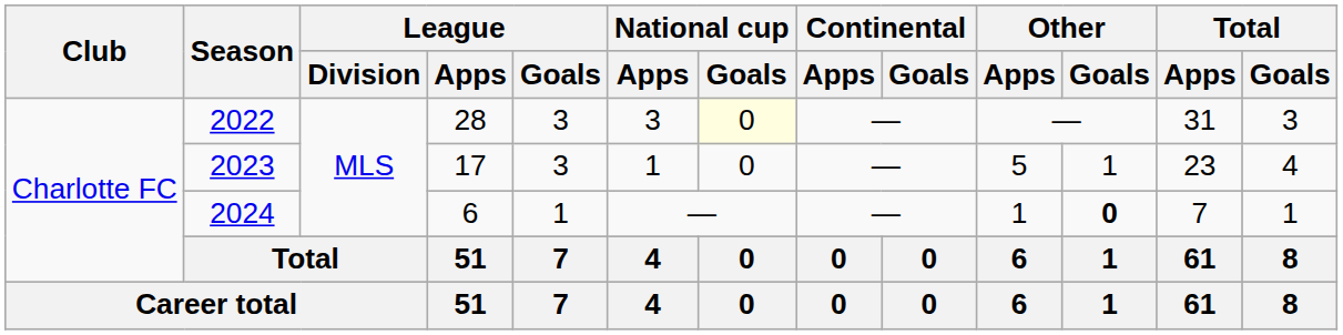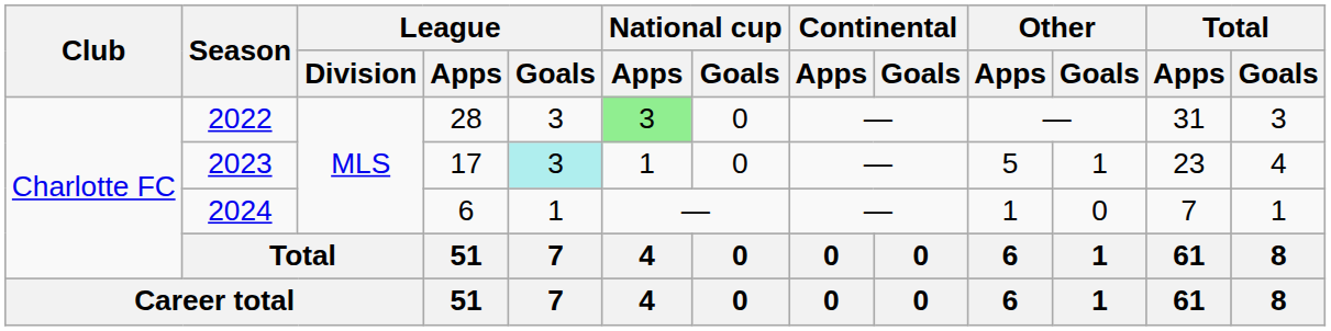 <table class="wikitable" style="text-align:center">
 <tr>
 <th rowspan="2">Club</th>
 <th rowspan="2">Season</th>
 <th colspan="3">League</th>
 <th colspan="2">National cup</th>
 <th colspan="2">Continental</th>
 <th colspan="2">Other</th>
 <th colspan="2">Total</th>
 </tr>
 <tr>
 <th>Division</th>
 <th>Apps</th>
 <th>Goals</th>
 <th>Apps</th>
 <th>Goals</th>
 <th>Apps</th>
 <th>Goals</th>
 <th>Apps</th>
 <th>Goals</th>
 <th>Apps</th>
 <th>Goals</th>
 </tr>
 <tr>
 <td rowspan="4"><a href='#'>Charlotte FC</a></td>
 <td><a href='#'>2022</a></td>
 <td rowspan="3"><a href='#'>MLS</a></td>
 <td>28</td>
 <td>3</td>
-<td>3</td>
-<td style="background: lightyellow;">0</td>
+<td style="background: lightgreen;">3</td>
+<td>0</td>
 <td colspan="2">—</td>
 <td colspan="2">—</td>
 <td>31</td>
 <td>3</td>
 </tr>
 <tr>
 <td><a href='#'>2023</a></td>
 <td>17</td>
-<td>3</td>
+<td style="background: paleturquoise;">3</td>
 <td>1</td>
 <td>0</td>
 <td colspan="2">—</td>
 <td>5</td>
 <td>1</td>
 <td>23</td>
 <td>4</td>
 </tr>
 <tr>
 <td><a href='#'>2024</a></td>
 <td>6</td>
 <td>1</td>
 <td colspan="2">—</td>
 <td colspan="2">—</td>
 <td>1</td>
-<td><strong>0</strong></td>
+<td>0</td>
 <td>7</td>
 <td>1</td>
 </tr>
 <tr>
 <th colspan="2">Total</th>
 <th>51</th>
 <th>7</th>
 <th>4</th>
 <th>0</th>
 <th>0</th>
 <th>0</th>
 <th>6</th>
 <th>1</th>
 <th>61</th>
 <th>8</th>
 </tr>
 <tr>
 <th colspan="3">Career total</th>
 <th>51</th>
 <th>7</th>
 <th>4</th>
 <th>0</th>
 <th>0</th>
 <th>0</th>
 <th>6</th>
 <th>1</th>
 <th>61</th>
 <th>8</th>
 </tr>
 </table>
